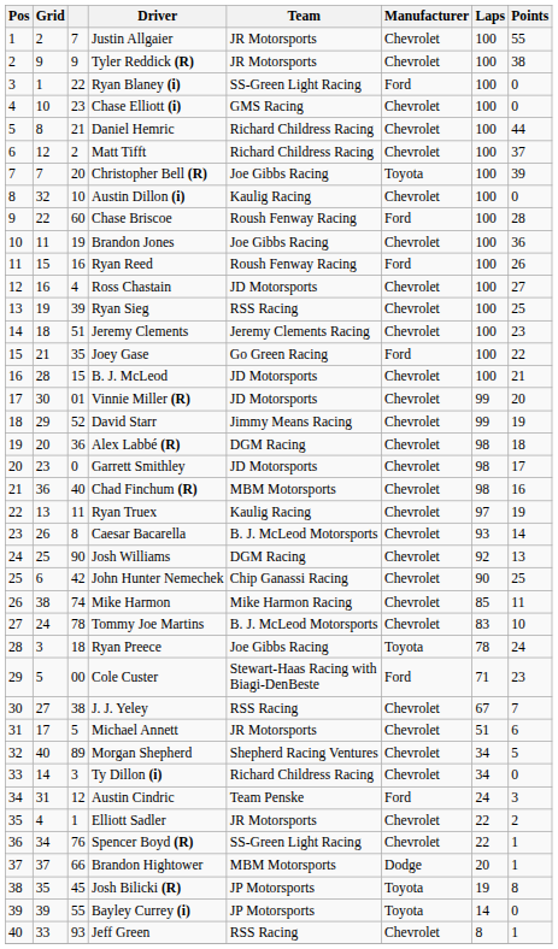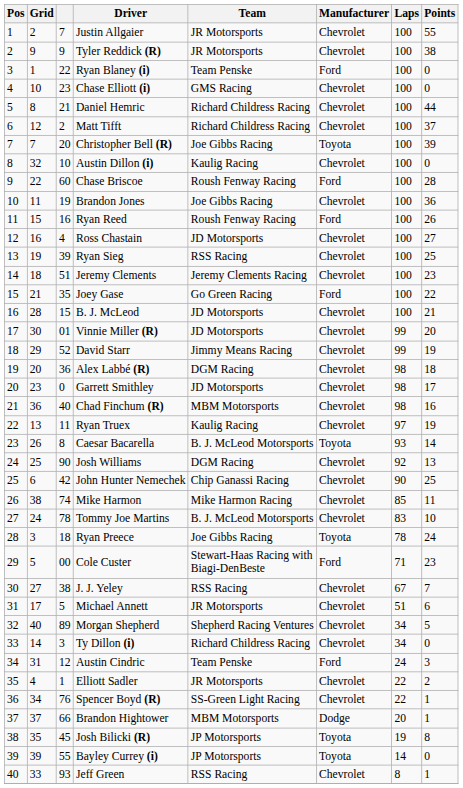 <table class="wikitable" style="font-size:98%">
 <tr>
 <th>Pos</th>
 <th>Grid</th>
 <th></th>
 <th>Driver</th>
 <th>Team</th>
 <th>Manufacturer</th>
 <th>Laps</th>
 <th>Points</th>
 </tr>
 <tr>
 <td>1</td>
 <td>2</td>
 <td>7</td>
 <td>Justin Allgaier</td>
 <td>JR Motorsports</td>
 <td>Chevrolet</td>
 <td>100</td>
 <td>55</td>
 </tr>
 <tr>
 <td>2</td>
 <td>9</td>
 <td>9</td>
 <td>Tyler Reddick <strong>(R)</strong></td>
 <td>JR Motorsports</td>
 <td>Chevrolet</td>
 <td>100</td>
 <td>38</td>
 </tr>
 <tr>
 <td>3</td>
 <td>1</td>
 <td>22</td>
 <td>Ryan Blaney <strong>(i)</strong></td>
-<td>SS-Green Light Racing</td>
+<td>Team Penske</td>
 <td>Ford</td>
 <td>100</td>
 <td>0</td>
 </tr>
 <tr>
 <td>4</td>
 <td>10</td>
 <td>23</td>
 <td>Chase Elliott <strong>(i)</strong></td>
 <td>GMS Racing</td>
 <td>Chevrolet</td>
 <td>100</td>
 <td>0</td>
 </tr>
 <tr>
 <td>5</td>
 <td>8</td>
 <td>21</td>
 <td>Daniel Hemric</td>
 <td>Richard Childress Racing</td>
 <td>Chevrolet</td>
 <td>100</td>
 <td>44</td>
 </tr>
 <tr>
 <td>6</td>
 <td>12</td>
 <td>2</td>
 <td>Matt Tifft</td>
 <td>Richard Childress Racing</td>
 <td>Chevrolet</td>
 <td>100</td>
 <td>37</td>
 </tr>
 <tr>
 <td>7</td>
 <td>7</td>
 <td>20</td>
 <td>Christopher Bell <strong>(R)</strong></td>
 <td>Joe Gibbs Racing</td>
 <td>Toyota</td>
 <td>100</td>
 <td>39</td>
 </tr>
 <tr>
 <td>8</td>
 <td>32</td>
 <td>10</td>
 <td>Austin Dillon <strong>(i)</strong></td>
 <td>Kaulig Racing</td>
 <td>Chevrolet</td>
 <td>100</td>
 <td>0</td>
 </tr>
 <tr>
 <td>9</td>
 <td>22</td>
 <td>60</td>
 <td>Chase Briscoe</td>
 <td>Roush Fenway Racing</td>
 <td>Ford</td>
 <td>100</td>
 <td>28</td>
 </tr>
 <tr>
 <td>10</td>
 <td>11</td>
 <td>19</td>
 <td>Brandon Jones</td>
 <td>Joe Gibbs Racing</td>
 <td>Chevrolet</td>
 <td>100</td>
 <td>36</td>
 </tr>
 <tr>
 <td>11</td>
 <td>15</td>
 <td>16</td>
 <td>Ryan Reed</td>
 <td>Roush Fenway Racing</td>
 <td>Ford</td>
 <td>100</td>
 <td>26</td>
 </tr>
 <tr>
 <td>12</td>
 <td>16</td>
 <td>4</td>
 <td>Ross Chastain</td>
 <td>JD Motorsports</td>
 <td>Chevrolet</td>
 <td>100</td>
 <td>27</td>
 </tr>
 <tr>
 <td>13</td>
 <td>19</td>
 <td>39</td>
 <td>Ryan Sieg</td>
 <td>RSS Racing</td>
 <td>Chevrolet</td>
 <td>100</td>
 <td>25</td>
 </tr>
 <tr>
 <td>14</td>
 <td>18</td>
 <td>51</td>
 <td>Jeremy Clements</td>
 <td>Jeremy Clements Racing</td>
 <td>Chevrolet</td>
 <td>100</td>
 <td>23</td>
 </tr>
 <tr>
 <td>15</td>
 <td>21</td>
 <td>35</td>
 <td>Joey Gase</td>
 <td>Go Green Racing</td>
 <td>Ford</td>
 <td>100</td>
 <td>22</td>
 </tr>
 <tr>
 <td>16</td>
 <td>28</td>
 <td>15</td>
 <td>B. J. McLeod</td>
 <td>JD Motorsports</td>
 <td>Chevrolet</td>
 <td>100</td>
 <td>21</td>
 </tr>
 <tr>
 <td>17</td>
 <td>30</td>
 <td>01</td>
 <td>Vinnie Miller <strong>(R)</strong></td>
 <td>JD Motorsports</td>
 <td>Chevrolet</td>
 <td>99</td>
 <td>20</td>
 </tr>
 <tr>
 <td>18</td>
 <td>29</td>
 <td>52</td>
 <td>David Starr</td>
 <td>Jimmy Means Racing</td>
 <td>Chevrolet</td>
 <td>99</td>
 <td>19</td>
 </tr>
 <tr>
 <td>19</td>
 <td>20</td>
 <td>36</td>
 <td>Alex Labbé <strong>(R)</strong></td>
 <td>DGM Racing</td>
 <td>Chevrolet</td>
 <td>98</td>
 <td>18</td>
 </tr>
 <tr>
 <td>20</td>
 <td>23</td>
 <td>0</td>
 <td>Garrett Smithley</td>
 <td>JD Motorsports</td>
 <td>Chevrolet</td>
 <td>98</td>
 <td>17</td>
 </tr>
 <tr>
 <td>21</td>
 <td>36</td>
 <td>40</td>
 <td>Chad Finchum <strong>(R)</strong></td>
 <td>MBM Motorsports</td>
 <td>Chevrolet</td>
 <td>98</td>
 <td>16</td>
 </tr>
 <tr>
 <td>22</td>
 <td>13</td>
 <td>11</td>
 <td>Ryan Truex</td>
 <td>Kaulig Racing</td>
 <td>Chevrolet</td>
 <td>97</td>
 <td>19</td>
 </tr>
 <tr>
 <td>23</td>
 <td>26</td>
 <td>8</td>
 <td>Caesar Bacarella</td>
 <td>B. J. McLeod Motorsports</td>
-<td>Chevrolet</td>
+<td>Toyota</td>
 <td>93</td>
 <td>14</td>
 </tr>
 <tr>
 <td>24</td>
 <td>25</td>
 <td>90</td>
 <td>Josh Williams</td>
 <td>DGM Racing</td>
 <td>Chevrolet</td>
 <td>92</td>
 <td>13</td>
 </tr>
 <tr>
 <td>25</td>
 <td>6</td>
 <td>42</td>
 <td>John Hunter Nemechek</td>
 <td>Chip Ganassi Racing</td>
 <td>Chevrolet</td>
 <td>90</td>
 <td>25</td>
 </tr>
 <tr>
 <td>26</td>
 <td>38</td>
 <td>74</td>
 <td>Mike Harmon</td>
 <td>Mike Harmon Racing</td>
 <td>Chevrolet</td>
 <td>85</td>
 <td>11</td>
 </tr>
 <tr>
 <td>27</td>
 <td>24</td>
 <td>78</td>
 <td>Tommy Joe Martins</td>
 <td>B. J. McLeod Motorsports</td>
 <td>Chevrolet</td>
 <td>83</td>
 <td>10</td>
 </tr>
 <tr>
 <td>28</td>
 <td>3</td>
 <td>18</td>
 <td>Ryan Preece</td>
 <td>Joe Gibbs Racing</td>
 <td>Toyota</td>
 <td>78</td>
 <td>24</td>
 </tr>
 <tr>
 <td>29</td>
 <td>5</td>
 <td>00</td>
 <td>Cole Custer</td>
 <td>Stewart-Haas Racing with <br> Biagi-DenBeste</td>
 <td>Ford</td>
 <td>71</td>
 <td>23</td>
 </tr>
 <tr>
 <td>30</td>
 <td>27</td>
 <td>38</td>
 <td>J. J. Yeley</td>
 <td>RSS Racing</td>
 <td>Chevrolet</td>
 <td>67</td>
 <td>7</td>
 </tr>
 <tr>
 <td>31</td>
 <td>17</td>
 <td>5</td>
 <td>Michael Annett</td>
 <td>JR Motorsports</td>
 <td>Chevrolet</td>
 <td>51</td>
 <td>6</td>
 </tr>
 <tr>
 <td>32</td>
 <td>40</td>
 <td>89</td>
 <td>Morgan Shepherd</td>
 <td>Shepherd Racing Ventures</td>
 <td>Chevrolet</td>
 <td>34</td>
 <td>5</td>
 </tr>
 <tr>
 <td>33</td>
 <td>14</td>
 <td>3</td>
 <td>Ty Dillon <strong>(i)</strong></td>
 <td>Richard Childress Racing</td>
 <td>Chevrolet</td>
 <td>34</td>
 <td>0</td>
 </tr>
 <tr>
 <td>34</td>
 <td>31</td>
 <td>12</td>
 <td>Austin Cindric</td>
 <td>Team Penske</td>
 <td>Ford</td>
 <td>24</td>
 <td>3</td>
 </tr>
 <tr>
 <td>35</td>
 <td>4</td>
 <td>1</td>
 <td>Elliott Sadler</td>
 <td>JR Motorsports</td>
 <td>Chevrolet</td>
 <td>22</td>
 <td>2</td>
 </tr>
 <tr>
 <td>36</td>
 <td>34</td>
 <td>76</td>
 <td>Spencer Boyd <strong>(R)</strong></td>
 <td>SS-Green Light Racing</td>
 <td>Chevrolet</td>
 <td>22</td>
 <td>1</td>
 </tr>
 <tr>
 <td>37</td>
 <td>37</td>
 <td>66</td>
 <td>Brandon Hightower</td>
 <td>MBM Motorsports</td>
 <td>Dodge</td>
 <td>20</td>
 <td>1</td>
 </tr>
 <tr>
 <td>38</td>
 <td>35</td>
 <td>45</td>
 <td>Josh Bilicki <strong>(R)</strong></td>
 <td>JP Motorsports</td>
 <td>Toyota</td>
 <td>19</td>
 <td>8</td>
 </tr>
 <tr>
 <td>39</td>
 <td>39</td>
 <td>55</td>
 <td>Bayley Currey <strong>(i)</strong></td>
 <td>JP Motorsports</td>
 <td>Toyota</td>
 <td>14</td>
 <td>0</td>
 </tr>
 <tr>
 <td>40</td>
 <td>33</td>
 <td>93</td>
 <td>Jeff Green</td>
 <td>RSS Racing</td>
 <td>Chevrolet</td>
 <td>8</td>
 <td>1</td>
 </tr>
 <tr>
 </tr>
 </table>
